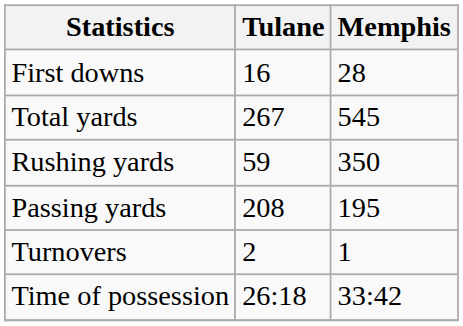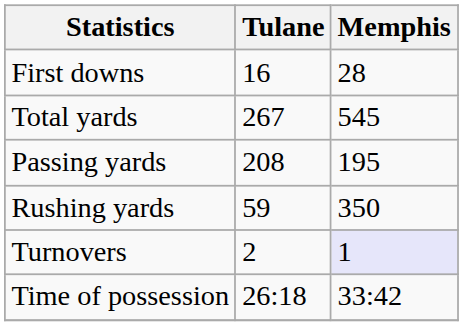 <table class="wikitable" style="float: left;">
 <tr>
 <th>Statistics</th>
 <th>Tulane</th>
 <th>Memphis</th>
 </tr>
 <tr>
 <td>First downs</td>
 <td>16</td>
 <td>28</td>
 </tr>
 <tr>
 <td>Total yards</td>
 <td>267</td>
 <td>545</td>
 </tr>
 <tr>
+<td>Passing yards</td>
+<td>208</td>
+<td>195</td>
+</tr>
+<tr>
 <td>Rushing yards</td>
 <td>59</td>
 <td>350</td>
 </tr>
 <tr>
-<td>Passing yards</td>
-<td>208</td>
-<td>195</td>
-</tr>
-<tr>
 <td>Turnovers</td>
 <td>2</td>
-<td>1</td>
+<td style="background: lavender;">1</td>
 </tr>
 <tr>
 <td>Time of possession</td>
 <td>26:18</td>
 <td>33:42</td>
 </tr>
 <tr>
 </tr>
 </table>
